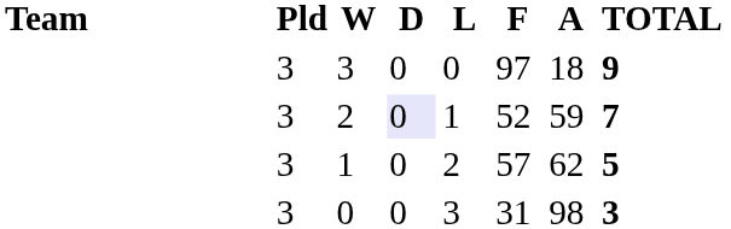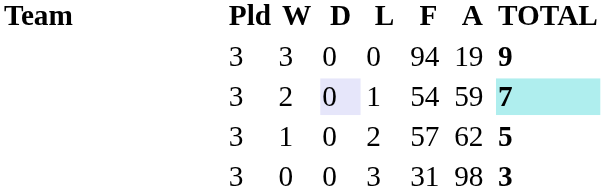 <table>
 <tr>
 <td><br></td>
 </tr>
 <tr border=1 cellpadding=5 cellspacing=0>
 <th width="200">Team</th>
 <th width="20">Pld</th>
 <th width="20">W</th>
 <th width="20">D</th>
 <th width="20">L</th>
 <th width="20">F</th>
 <th width="20">A</th>
 <th width="20">TOTAL</th>
 </tr>
 <tr>
 <td align=left></td>
 <td>3</td>
 <td>3</td>
 <td>0</td>
 <td>0</td>
-<td>97</td>
-<td>18</td>
+<td>94</td>
+<td>19</td>
 <td><strong>9</strong></td>
 </tr>
 <tr>
 <td align=left></td>
 <td>3</td>
 <td>2</td>
 <td style="background: lavender;">0</td>
 <td>1</td>
-<td>52</td>
+<td>54</td>
 <td>59</td>
-<td><strong>7</strong></td>
+<td style="background: paleturquoise;"><strong>7</strong></td>
 </tr>
 <tr>
 <td align=left></td>
 <td>3</td>
 <td>1</td>
 <td>0</td>
 <td>2</td>
 <td>57</td>
 <td>62</td>
 <td><strong>5</strong></td>
 </tr>
 <tr>
 <td align=left></td>
 <td>3</td>
 <td>0</td>
 <td>0</td>
 <td>3</td>
 <td>31</td>
 <td>98</td>
 <td><strong>3</strong></td>
 </tr>
 </table>
